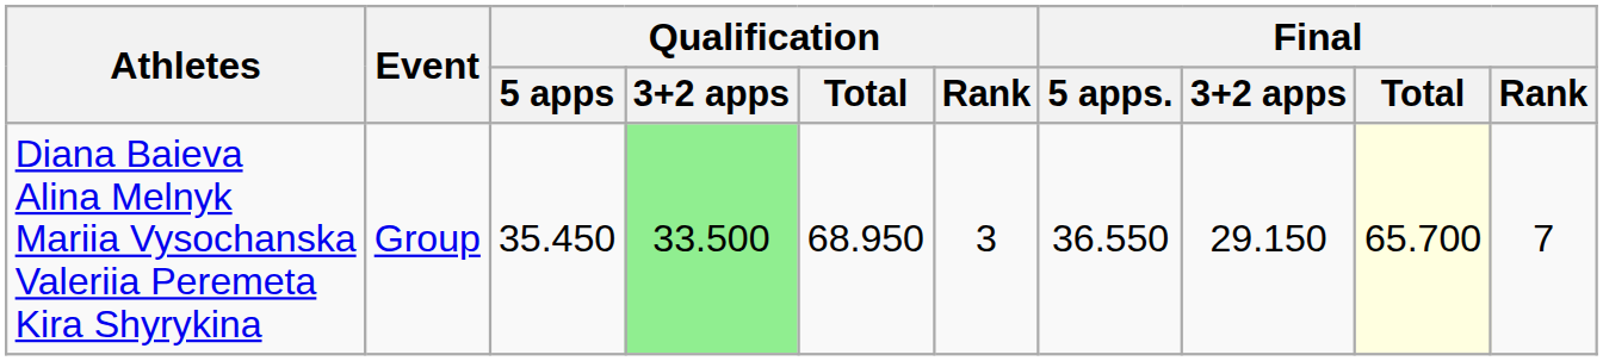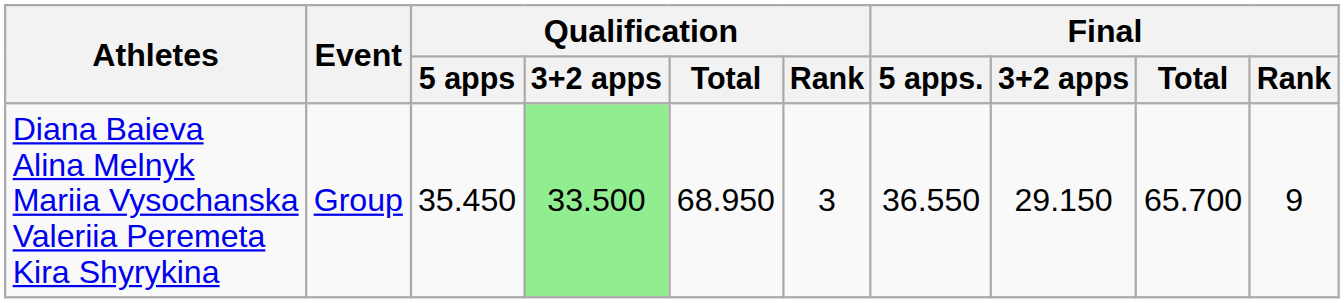 <table class="wikitable" style="text-align:center; font-size:90%">
 <tr>
 <th rowspan="2">Athletes</th>
 <th rowspan="2">Event</th>
 <th colspan="4">Qualification</th>
 <th colspan="4">Final</th>
 </tr>
 <tr style="font-size:95%">
 <th>5 apps</th>
 <th>3+2 apps</th>
 <th>Total</th>
 <th>Rank</th>
 <th>5 apps.</th>
 <th>3+2 apps</th>
 <th>Total</th>
 <th>Rank</th>
 </tr>
 <tr>
 <td align=left><a href='#'>Diana Baieva</a><br><a href='#'>Alina Melnyk</a><br><a href='#'>Mariia Vysochanska</a><br><a href='#'>Valeriia Peremeta</a><br><a href='#'>Kira Shyrykina</a></td>
 <td align=left><a href='#'>Group</a></td>
 <td>35.450</td>
 <td style="background: lightgreen;">33.500</td>
 <td>68.950</td>
 <td>3</td>
 <td>36.550</td>
 <td>29.150</td>
-<td style="background: lightyellow;">65.700</td>
-<td>7</td>
+<td>65.700</td>
+<td>9</td>
 </tr>
 </table>
